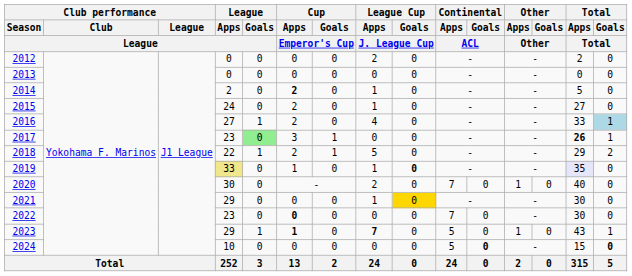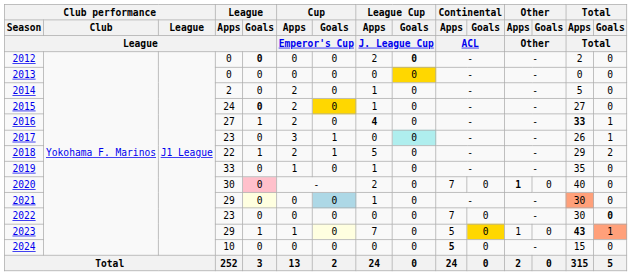 <table class="wikitable" style="text-align:center;">
 <tr>
 <th colspan=3>Club performance</th>
 <th colspan=2>League</th>
 <th colspan=2>Cup</th>
 <th colspan=2>League Cup</th>
 <th colspan=2>Continental</th>
 <th colspan=2>Other</th>
 <th colspan=2>Total</th>
 </tr>
 <tr>
 <th>Season</th>
 <th>Club</th>
 <th>League</th>
 <th>Apps</th>
 <th>Goals</th>
 <th>Apps</th>
 <th>Goals</th>
 <th>Apps</th>
 <th>Goals</th>
 <th>Apps</th>
 <th>Goals</th>
 <th>Apps</th>
 <th>Goals</th>
 <th>Apps</th>
 <th>Goals</th>
 </tr>
 <tr>
 <th colspan=5>League</th>
 <th colspan=2><a href='#'>Emperor's Cup</a></th>
 <th colspan=2><a href='#'>J. League Cup</a></th>
 <th colspan=2><a href='#'>ACL</a></th>
 <th colspan=2>Other</th>
 <th colspan=2>Total</th>
 </tr>
 <tr>
 <td><a href='#'>2012</a></td>
 <td rowspan="13"><a href='#'>Yokohama F. Marinos</a></td>
 <td rowspan="13"><a href='#'>J1 League</a></td>
 <td>0</td>
-<td>0</td>
+<td><strong>0</strong></td>
 <td>0</td>
 <td>0</td>
 <td>2</td>
-<td>0</td>
+<td><strong>0</strong></td>
 <td colspan="2">-</td>
 <td colspan="2">-</td>
 <td>2</td>
 <td>0</td>
 </tr>
 <tr>
 <td><a href='#'>2013</a></td>
 <td>0</td>
 <td>0</td>
 <td>0</td>
 <td>0</td>
 <td>0</td>
-<td>0</td>
+<td style="background: gold;">0</td>
 <td colspan="2">-</td>
 <td colspan="2">-</td>
 <td>0</td>
 <td>0</td>
 </tr>
 <tr>
 <td><a href='#'>2014</a></td>
 <td>2</td>
 <td>0</td>
-<td><strong>2</strong></td>
+<td>2</td>
 <td>0</td>
 <td>1</td>
 <td>0</td>
 <td colspan="2">-</td>
 <td colspan="2">-</td>
 <td>5</td>
 <td>0</td>
 </tr>
 <tr>
 <td><a href='#'>2015</a></td>
 <td>24</td>
-<td>0</td>
+<td><strong>0</strong></td>
 <td>2</td>
-<td>0</td>
+<td style="background: gold;">0</td>
 <td>1</td>
 <td>0</td>
 <td colspan="2">-</td>
 <td colspan="2">-</td>
 <td>27</td>
 <td>0</td>
 </tr>
 <tr>
 <td><a href='#'>2016</a></td>
 <td>27</td>
 <td>1</td>
 <td>2</td>
 <td>0</td>
-<td>4</td>
+<td><strong>4</strong></td>
 <td>0</td>
 <td colspan="2">-</td>
 <td colspan="2">-</td>
-<td>33</td>
-<td style="background: lightblue;">1</td>
+<td><strong>33</strong></td>
+<td>1</td>
 </tr>
 <tr>
 <td><a href='#'>2017</a></td>
 <td>23</td>
-<td style="background: lightgreen;">0</td>
+<td>0</td>
 <td>3</td>
 <td>1</td>
 <td>0</td>
-<td>0</td>
+<td style="background: paleturquoise;">0</td>
 <td colspan="2">-</td>
 <td colspan="2">-</td>
-<td><strong>26</strong></td>
+<td>26</td>
 <td>1</td>
 </tr>
 <tr>
 <td><a href='#'>2018</a></td>
 <td>22</td>
 <td>1</td>
 <td>2</td>
 <td>1</td>
 <td>5</td>
 <td>0</td>
 <td colspan="2">-</td>
 <td colspan="2">-</td>
 <td>29</td>
 <td>2</td>
 </tr>
 <tr>
 <td><a href='#'>2019</a></td>
-<td style="background: khaki;">33</td>
+<td>33</td>
 <td>0</td>
 <td>1</td>
 <td>0</td>
 <td>1</td>
-<td><strong>0</strong></td>
+<td>0</td>
 <td colspan="2">-</td>
 <td colspan="2">-</td>
-<td style="background: lavender;">35</td>
+<td>35</td>
 <td>0</td>
 </tr>
 <tr>
 <td><a href='#'>2020</a></td>
 <td>30</td>
-<td>0</td>
+<td style="background: pink;">0</td>
 <td colspan="2">-</td>
 <td>2</td>
 <td>0</td>
 <td>7</td>
 <td>0</td>
-<td>1</td>
+<td><strong>1</strong></td>
 <td>0</td>
 <td>40</td>
 <td>0</td>
 </tr>
 <tr>
 <td><a href='#'>2021</a></td>
 <td>29</td>
+<td style="background: lightyellow;">0</td>
 <td>0</td>
+<td style="background: lightblue;">0</td>
+<td>1</td>
 <td>0</td>
-<td>0</td>
-<td>1</td>
-<td style="background: gold;">0</td>
 <td colspan="2">-</td>
 <td colspan="2">-</td>
-<td>30</td>
+<td style="background: lightsalmon;">30</td>
 <td>0</td>
 </tr>
 <tr>
 <td><a href='#'>2022</a></td>
 <td>23</td>
 <td>0</td>
-<td><strong>0</strong></td>
+<td>0</td>
 <td>0</td>
 <td>0</td>
 <td>0</td>
 <td>7</td>
 <td>0</td>
 <td colspan="2">-</td>
 <td>30</td>
-<td>0</td>
+<td><strong>0</strong></td>
 </tr>
 <tr>
 <td><a href='#'>2023</a></td>
 <td>29</td>
 <td>1</td>
-<td><strong>1</strong></td>
-<td>0</td>
-<td><strong>7</strong></td>
+<td>1</td>
+<td style="background: lightyellow;">0</td>
+<td>7</td>
 <td>0</td>
 <td>5</td>
-<td>0</td>
+<td style="background: gold;">0</td>
 <td>1</td>
 <td>0</td>
-<td>43</td>
-<td>1</td>
+<td><strong>43</strong></td>
+<td style="background: lightsalmon;">1</td>
 </tr>
 <tr>
 <td><a href='#'>2024</a></td>
 <td>10</td>
 <td>0</td>
 <td>0</td>
 <td>0</td>
 <td>0</td>
 <td>0</td>
-<td>5</td>
-<td><strong>0</strong></td>
+<td><strong>5</strong></td>
+<td>0</td>
 <td colspan="2">-</td>
 <td>15</td>
-<td><strong>0</strong></td>
+<td>0</td>
 </tr>
 <tr>
 <th colspan=3>Total</th>
 <th>252</th>
 <th>3</th>
 <th>13</th>
 <th>2</th>
 <th>24</th>
 <th>0</th>
 <th>24</th>
 <th>0</th>
 <th>2</th>
 <th>0</th>
 <th>315</th>
 <th>5</th>
 </tr>
 </table>
